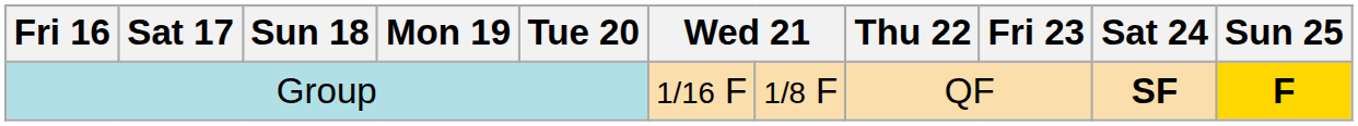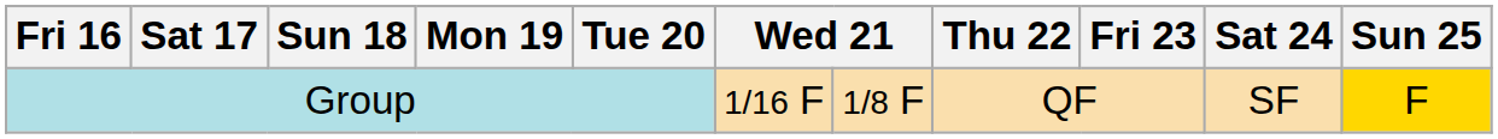 <table class="wikitable" style="text-align: center">
 <tr>
 <th>Fri 16</th>
 <th>Sat 17</th>
 <th>Sun 18</th>
 <th>Mon 19</th>
 <th>Tue 20</th>
 <th colspan=2>Wed 21</th>
 <th>Thu 22</th>
 <th>Fri 23</th>
 <th>Sat 24</th>
 <th>Sun 25</th>
 </tr>
 <tr>
 <td colspan="5" style="background: #b0e0e6">Group</td>
 <td style="background: #fadfad"><small>1/16</small> F</td>
 <td style="background: #fadfad"><small>1/8</small> F</td>
 <td colspan=2 style="background: #fadfad">QF</td>
-<td style="background: #fadfad"><strong>SF</strong></td>
-<td style="background: #ffd700"><strong>F</strong></td>
+<td style="background: #fadfad">SF</td>
+<td style="background: #ffd700">F</td>
 </tr>
 </table>
